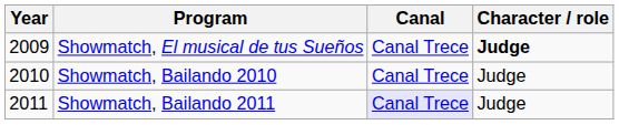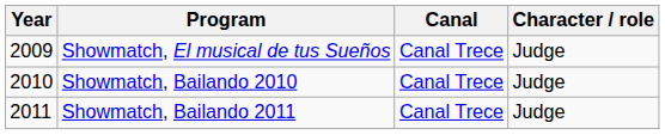 <table class="wikitable">
 <tr>
 <th>Year</th>
 <th>Program</th>
 <th>Canal</th>
 <th>Character / role</th>
 </tr>
 <tr>
 <td>2009</td>
 <td><a href='#'>Showmatch</a>, <em><a href='#'>El musical de tus Sueños</a></em></td>
 <td><a href='#'>Canal Trece</a></td>
-<td><strong>Judge</strong></td>
+<td>Judge</td>
 </tr>
 <tr>
 <td>2010</td>
 <td><a href='#'>Showmatch</a>, <a href='#'>Bailando 2010</a></td>
 <td><a href='#'>Canal Trece</a></td>
 <td>Judge</td>
 </tr>
 <tr>
 <td>2011</td>
 <td><a href='#'>Showmatch</a>, <a href='#'>Bailando 2011</a></td>
-<td style="background: lavender;"><a href='#'>Canal Trece</a></td>
+<td><a href='#'>Canal Trece</a></td>
 <td>Judge</td>
 </tr>
 <tr>
 </tr>
 </table>
